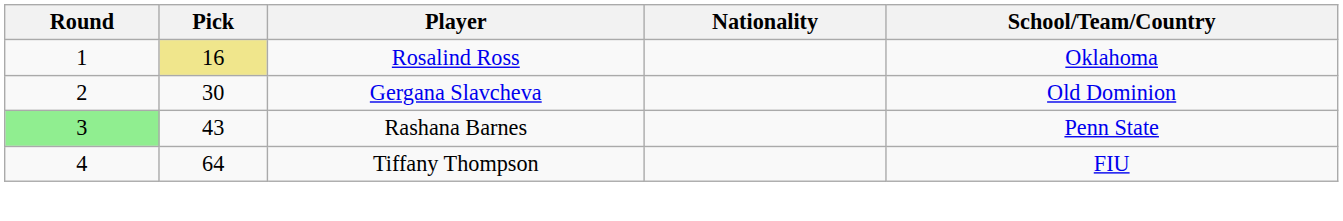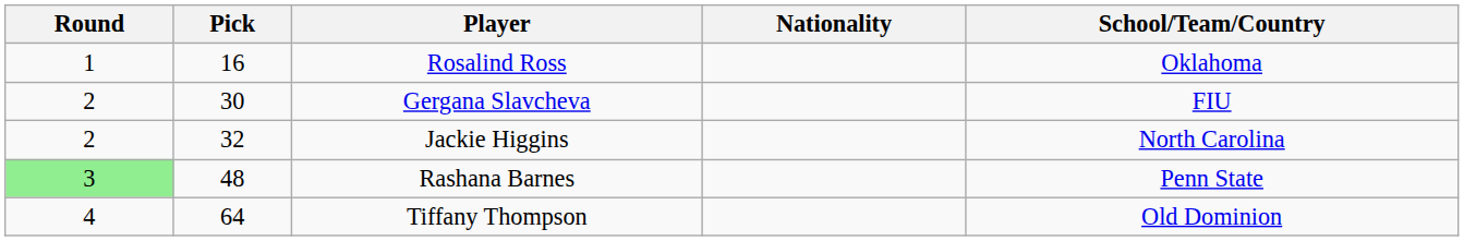 <table class="wikitable" style="text-align:center; width:60em">
 <tr>
 <th>Round</th>
 <th>Pick</th>
 <th>Player</th>
 <th>Nationality</th>
 <th>School/Team/Country</th>
 </tr>
 <tr>
 <td>1</td>
-<td style="background: khaki;">16</td>
+<td>16</td>
 <td><a href='#'>Rosalind Ross</a></td>
 <td></td>
 <td><a href='#'>Oklahoma</a></td>
 </tr>
 <tr>
 <td>2</td>
 <td>30</td>
 <td><a href='#'>Gergana Slavcheva</a></td>
 <td></td>
-<td><a href='#'>Old Dominion</a></td>
+<td><a href='#'>FIU</a></td>
+</tr>
+<tr>
+<td>2</td>
+<td>32</td>
+<td>Jackie Higgins</td>
+<td></td>
+<td><a href='#'>North Carolina</a></td>
 </tr>
 <tr>
 <td style="background: lightgreen;">3</td>
-<td>43</td>
+<td>48</td>
 <td>Rashana Barnes</td>
 <td></td>
 <td><a href='#'>Penn State</a></td>
 </tr>
 <tr>
 <td>4</td>
 <td>64</td>
 <td>Tiffany Thompson</td>
 <td></td>
-<td><a href='#'>FIU</a></td>
+<td><a href='#'>Old Dominion</a></td>
 </tr>
 </table>
